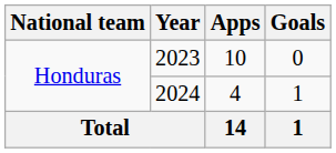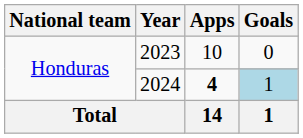 <table class="wikitable" style="text-align: center;">
 <tr>
 <th>National team</th>
 <th>Year</th>
 <th>Apps</th>
 <th>Goals</th>
 </tr>
 <tr>
 <td rowspan="2" valign="center"><a href='#'>Honduras</a></td>
 <td>2023</td>
 <td>10</td>
 <td>0</td>
 </tr>
 <tr>
 <td>2024</td>
-<td>4</td>
-<td>1</td>
+<td><strong>4</strong></td>
+<td style="background: lightblue;">1</td>
 </tr>
 <tr>
 <th colspan="2">Total</th>
 <th>14</th>
 <th>1</th>
 </tr>
 </table>
